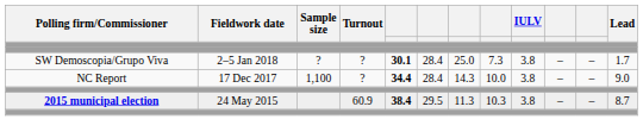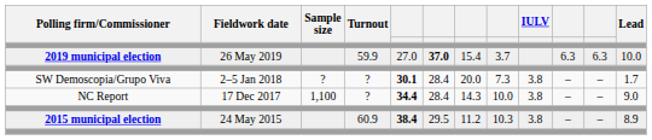 <table class="wikitable collapsible collapsed" style="text-align:center; font-size:95%; line-height:16px;">
 <tr style="height:42px;">
 <th style="width:250px;" rowspan="2">Polling firm/Commissioner</th>
 <th style="width:125px;" rowspan="2">Fieldwork date</th>
 <th style="width:50px;" rowspan="2">Sample size</th>
 <th style="width:45px;" rowspan="2">Turnout</th>
 <th style="width:35px;"></th>
 <th style="width:35px;"></th>
 <th style="width:35px;"></th>
 <th style="width:35px;"></th>
 <th style="width:35px;"><a href='#'>IULV</a></th>
 <th style="width:35px;"></th>
 <th style="width:35px;"></th>
 <th style="width:30px;" rowspan="2">Lead</th>
 </tr>
 <tr>
 <th style="color:inherit;background:"></th>
 <th style="color:inherit;background:"></th>
 <th style="color:inherit;background:"></th>
 <th style="color:inherit;background:"></th>
 <th style="color:inherit;background:"></th>
 <th style="color:inherit;background:"></th>
 <th style="color:inherit;background:"></th>
 </tr>
 <tr>
 <td colspan="12" style="background:#A0A0A0"></td>
 </tr>
+<tr style="background:#EFEFEF;">
+<td><strong><a href='#'>2019 municipal election</a></strong></td>
+<td>26 May 2019</td>
+<td></td>
+<td>59.9</td>
+<td>27.0<br></td>
+<td><strong>37.0</strong><br></td>
+<td>15.4<br></td>
+<td>3.7<br></td>
+<td></td>
+<td>6.3<br></td>
+<td>6.3<br></td>
+<td style="background:">10.0</td>
+</tr>
 <tr>
 <td colspan="12" style="background:#A0A0A0"></td>
 </tr>
 <tr>
 <td>SW Demoscopia/Grupo Viva</td>
 <td>2–5 Jan 2018</td>
 <td>?</td>
 <td>?</td>
 <td><strong>30.1</strong><br></td>
 <td>28.4<br></td>
-<td>25.0<br></td>
+<td>20.0<br></td>
 <td>7.3<br></td>
 <td>3.8<br></td>
 <td>–</td>
 <td>–</td>
 <td style="background:">1.7</td>
 </tr>
 <tr>
 <td>NC Report</td>
 <td>17 Dec 2017</td>
 <td>1,100</td>
 <td>?</td>
 <td><strong>34.4</strong><br></td>
 <td>28.4<br></td>
 <td>14.3<br></td>
 <td>10.0<br></td>
 <td>3.8<br></td>
 <td>–</td>
 <td>–</td>
 <td style="background:">9.0</td>
 </tr>
 <tr>
 <td colspan="12" style="background:#A0A0A0"></td>
 </tr>
 <tr style="background:#EFEFEF;">
 <td><strong><a href='#'>2015 municipal election</a></strong></td>
 <td>24 May 2015</td>
 <td></td>
 <td>60.9</td>
 <td><strong>38.4</strong><br></td>
 <td>29.5<br></td>
-<td>11.3<br></td>
+<td>11.2<br></td>
 <td>10.3<br></td>
 <td>3.8<br></td>
 <td>–</td>
 <td>–</td>
-<td style="background:">8.7</td>
+<td style="background:">8.9</td>
 </tr>
 <tr>
 <td colspan="12" style="background:#A0A0A0"></td>
 </tr>
 </table>
